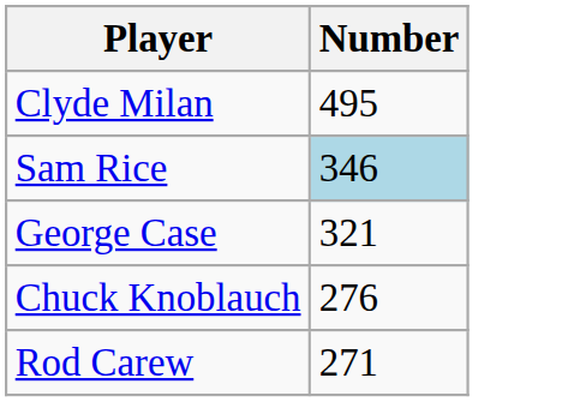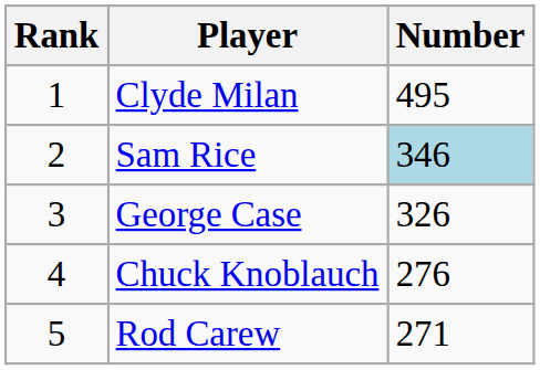 <table class="wikitable" style="font-size: 95%; text-align:left;">
 <tr>
+<th>Rank</th>
 <th>Player</th>
 <th>Number</th>
 </tr>
 <tr>
+<td align="center">1</td>
 <td><a href='#'>Clyde Milan</a></td>
 <td>495</td>
 </tr>
 <tr>
+<td align="center">2</td>
 <td><a href='#'>Sam Rice</a></td>
 <td style="background: lightblue;">346</td>
 </tr>
 <tr>
+<td align="center">3</td>
 <td><a href='#'>George Case</a></td>
-<td>321</td>
+<td>326</td>
 </tr>
 <tr>
+<td align="center">4</td>
 <td><a href='#'>Chuck Knoblauch</a></td>
 <td>276</td>
 </tr>
 <tr>
+<td align="center">5</td>
 <td><a href='#'>Rod Carew</a></td>
 <td>271</td>
 </tr>
 </table>
